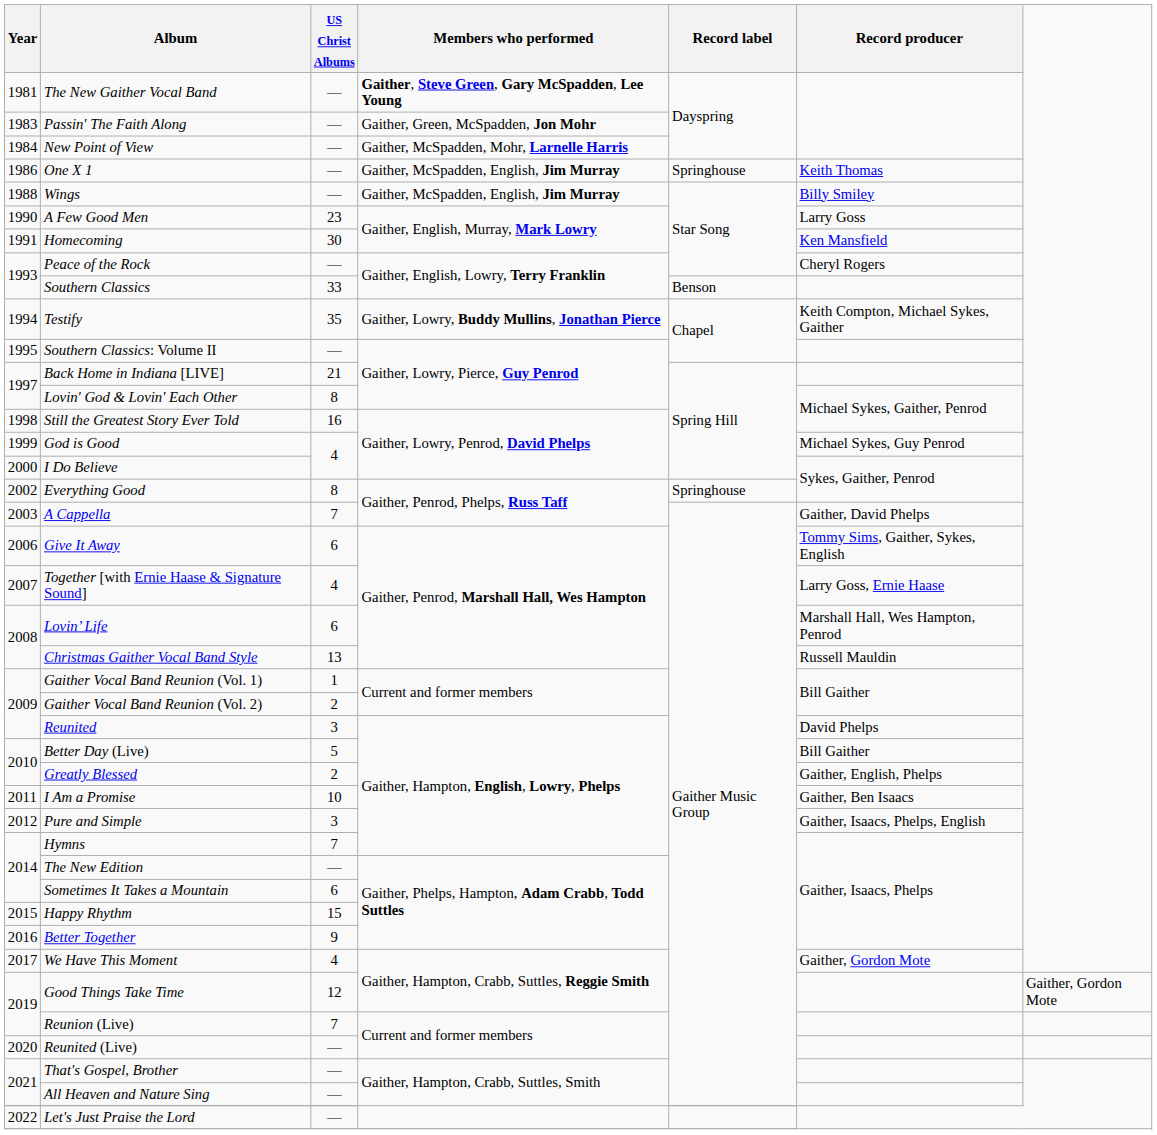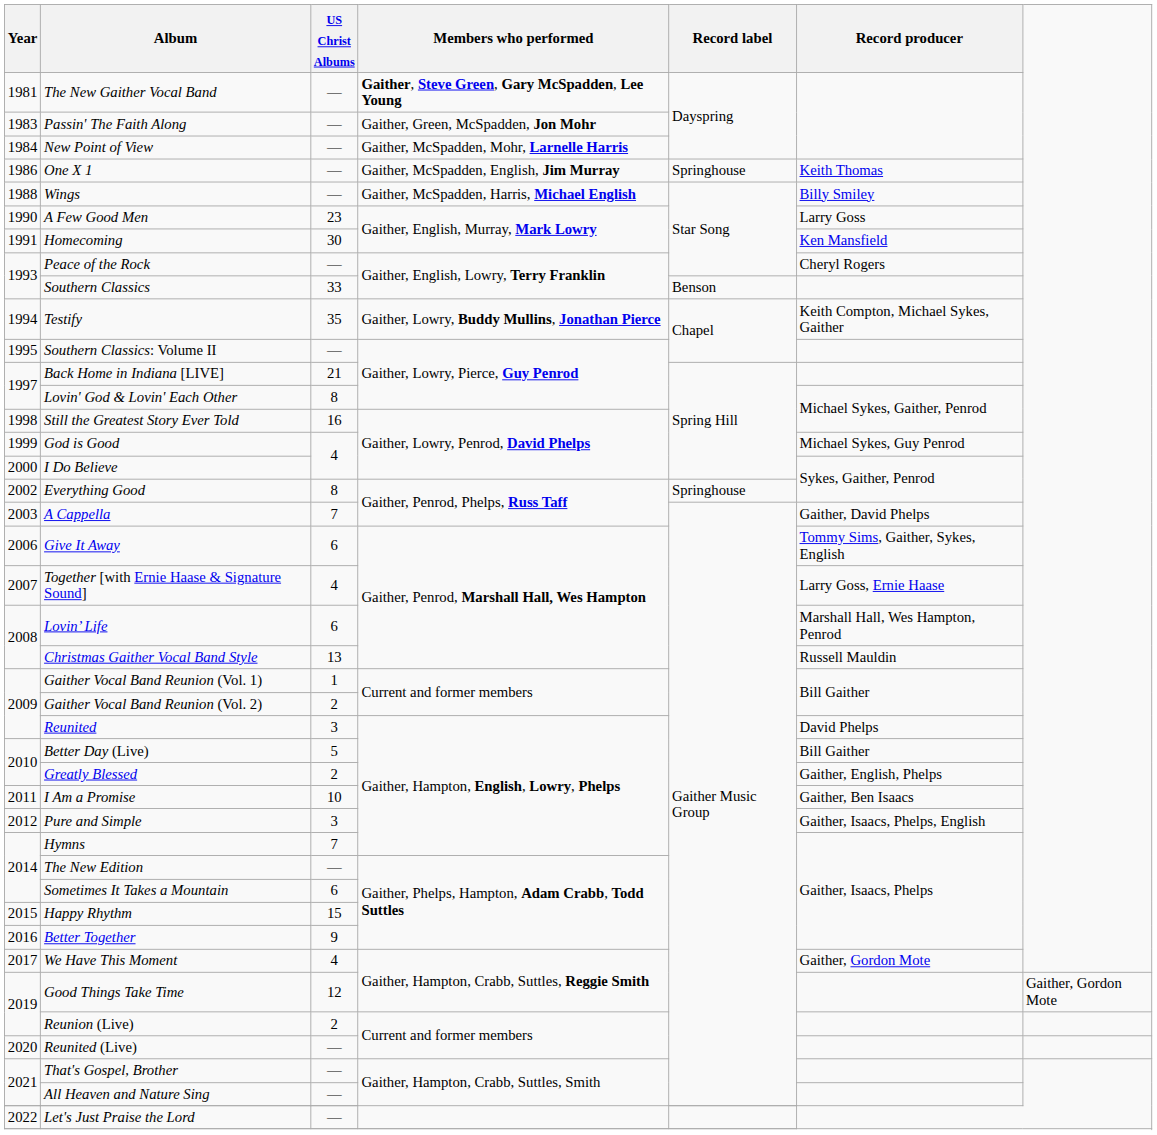 <table class="wikitable">
 <tr>
 <th>Year</th>
 <th>Album</th>
 <th><sub><a href='#'>US<br>Christ<br>Albums</a></sub></th>
 <th>Members who performed</th>
 <th>Record label</th>
 <th>Record producer</th>
 </tr>
 <tr>
 <td>1981</td>
 <td><em>The New Gaither Vocal Band</em></td>
 <td align="center">—</td>
 <td><strong>Gaither</strong>, <strong><a href='#'>Steve Green</a></strong>, <strong>Gary McSpadden</strong>, <strong>Lee Young</strong></td>
 <td rowspan="3">Dayspring</td>
 <td rowspan="3"></td>
 </tr>
 <tr>
 <td>1983</td>
 <td><em>Passin' The Faith Along</em></td>
 <td align="center">—</td>
 <td>Gaither, Green, McSpadden, <strong>Jon Mohr</strong></td>
 </tr>
 <tr>
 <td>1984</td>
 <td><em>New Point of View</em></td>
 <td align="center">—</td>
 <td>Gaither, McSpadden, Mohr, <strong><a href='#'>Larnelle Harris</a></strong></td>
 </tr>
 <tr>
 <td>1986</td>
 <td><em>One X 1</em></td>
 <td align="center">—</td>
 <td>Gaither, McSpadden, English, <strong>Jim Murray</strong></td>
 <td>Springhouse</td>
 <td><a href='#'>Keith Thomas</a></td>
 </tr>
 <tr>
 <td>1988</td>
 <td><em>Wings</em></td>
 <td align="center">—</td>
-<td>Gaither, McSpadden, English, <strong>Jim Murray</strong></td>
+<td>Gaither, McSpadden, Harris, <strong><a href='#'>Michael English</a></strong></td>
 <td rowspan="4">Star Song</td>
 <td><a href='#'>Billy Smiley</a></td>
 </tr>
 <tr>
 <td>1990</td>
 <td><em>A Few Good Men</em></td>
 <td style="text-align:center;">23</td>
 <td rowspan="2">Gaither, English, Murray, <strong><a href='#'>Mark Lowry</a></strong></td>
 <td>Larry Goss</td>
 </tr>
 <tr>
 <td>1991</td>
 <td><em>Homecoming</em></td>
 <td style="text-align:center;">30</td>
 <td><a href='#'>Ken Mansfield</a></td>
 </tr>
 <tr>
 <td rowspan="2">1993</td>
 <td><em>Peace of the Rock</em></td>
 <td style="text-align:center;">—</td>
 <td rowspan="2">Gaither, English, Lowry, <strong>Terry Franklin</strong></td>
 <td>Cheryl Rogers</td>
 </tr>
 <tr>
 <td><em>Southern Classics</em></td>
 <td style="text-align:center;">33</td>
 <td>Benson</td>
 <td></td>
 </tr>
 <tr>
 <td>1994</td>
 <td><em>Testify</em></td>
 <td style="text-align:center;">35</td>
 <td>Gaither, Lowry, <strong>Buddy Mullins</strong>, <strong><a href='#'>Jonathan Pierce</a></strong></td>
 <td rowspan="2">Chapel</td>
 <td>Keith Compton, Michael Sykes, Gaither</td>
 </tr>
 <tr>
 <td>1995</td>
 <td><em>Southern Classics</em>: Volume II</td>
 <td style="text-align:center;">—</td>
 <td rowspan="3">Gaither, Lowry, Pierce, <strong><a href='#'>Guy Penrod</a></strong></td>
 <td></td>
 </tr>
 <tr>
 <td rowspan="2">1997</td>
 <td><em>Back Home in Indiana</em> [LIVE]</td>
 <td style="text-align:center;">21</td>
 <td rowspan="5">Spring Hill</td>
 <td></td>
 </tr>
 <tr>
 <td><em>Lovin' God & Lovin' Each Other</em></td>
 <td style="text-align:center;">8</td>
 <td rowspan="2">Michael Sykes, Gaither, Penrod</td>
 </tr>
 <tr>
 <td>1998</td>
 <td><em>Still the Greatest Story Ever Told</em></td>
 <td style="text-align:center;">16</td>
 <td rowspan="3">Gaither, Lowry, Penrod, <strong><a href='#'>David Phelps</a></strong></td>
 </tr>
 <tr>
 <td>1999</td>
 <td><em>God is Good</em></td>
 <td rowspan="2" style="text-align:center;">4</td>
 <td>Michael Sykes, Guy Penrod</td>
 </tr>
 <tr>
 <td>2000</td>
 <td><em>I Do Believe</em></td>
 <td rowspan="2">Sykes, Gaither, Penrod</td>
 </tr>
 <tr>
 <td>2002</td>
 <td><em>Everything Good</em></td>
 <td style="text-align:center;">8</td>
 <td rowspan="2">Gaither, Penrod, Phelps, <strong><a href='#'>Russ Taff</a></strong></td>
 <td>Springhouse</td>
 </tr>
 <tr>
 <td>2003</td>
 <td><em><a href='#'>A Cappella</a></em></td>
 <td style="text-align:center;">7</td>
 <td rowspan="23">Gaither Music Group</td>
 <td>Gaither, David Phelps</td>
 </tr>
 <tr>
 <td>2006</td>
 <td><em><a href='#'>Give It Away</a></em></td>
 <td style="text-align:center;">6</td>
 <td rowspan="4">Gaither, Penrod, <strong>Marshall Hall, Wes Hampton</strong></td>
 <td><a href='#'>Tommy Sims</a>, Gaither, Sykes, English</td>
 </tr>
 <tr>
 <td>2007</td>
 <td><em>Together</em> [with <a href='#'>Ernie Haase & Signature Sound</a>]</td>
 <td style="text-align:center;">4</td>
 <td>Larry Goss, <a href='#'>Ernie Haase</a></td>
 </tr>
 <tr>
 <td rowspan="2">2008</td>
 <td><em><a href='#'>Lovin’ Life</a></em></td>
 <td style="text-align:center;">6</td>
 <td>Marshall Hall, Wes Hampton, Penrod</td>
 </tr>
 <tr>
 <td><em><a href='#'>Christmas Gaither Vocal Band Style</a></em></td>
 <td style="text-align:center;">13</td>
 <td>Russell Mauldin</td>
 </tr>
 <tr>
 <td rowspan="3">2009</td>
 <td><em>Gaither Vocal Band Reunion</em> (Vol. 1)</td>
 <td style="text-align:center;">1</td>
 <td rowspan="2">Current and former members</td>
 <td rowspan="2">Bill Gaither</td>
 </tr>
 <tr>
 <td><em>Gaither Vocal Band Reunion</em> (Vol. 2)</td>
 <td style="text-align:center;">2</td>
 </tr>
 <tr>
 <td><em><a href='#'>Reunited</a></em></td>
 <td style="text-align:center;">3</td>
 <td rowspan="6">Gaither, Hampton, <strong>English</strong>, <strong>Lowry</strong>, <strong>Phelps</strong></td>
 <td>David Phelps</td>
 </tr>
 <tr>
 <td rowspan="2">2010</td>
 <td><em>Better Day</em> (Live)</td>
 <td style="text-align:center;">5</td>
 <td>Bill Gaither</td>
 </tr>
 <tr>
 <td><em><a href='#'>Greatly Blessed</a></em></td>
 <td style="text-align:center;">2</td>
 <td>Gaither, English, Phelps</td>
 </tr>
 <tr>
 <td>2011</td>
 <td><em>I Am a Promise</em></td>
 <td style="text-align:center;">10</td>
 <td>Gaither, Ben Isaacs</td>
 </tr>
 <tr>
 <td>2012</td>
 <td><em>Pure and Simple</em></td>
 <td style="text-align:center;">3</td>
 <td>Gaither, Isaacs, Phelps, English</td>
 </tr>
 <tr>
 <td rowspan="3">2014</td>
 <td><em>Hymns</em></td>
 <td style="text-align:center;">7</td>
 <td rowspan="5">Gaither, Isaacs, Phelps</td>
 </tr>
 <tr>
 <td><em>The New Edition</em></td>
 <td style="text-align:center;">—</td>
 <td rowspan="4">Gaither, Phelps, Hampton, <strong>Adam Crabb</strong>, <strong>Todd Suttles</strong></td>
 </tr>
 <tr>
 <td><em>Sometimes It Takes a Mountain</em></td>
 <td style="text-align:center;">6</td>
 </tr>
 <tr>
 <td>2015</td>
 <td><em>Happy Rhythm</em></td>
 <td style="text-align:center;">15</td>
 </tr>
 <tr>
 <td>2016</td>
 <td><em><a href='#'>Better Together</a></em></td>
 <td style="text-align:center;">9</td>
 </tr>
 <tr>
 <td>2017</td>
 <td><em>We Have This Moment</em></td>
 <td style="text-align:center;">4</td>
 <td rowspan="2">Gaither, Hampton, Crabb, Suttles, <strong>Reggie Smith</strong></td>
 <td>Gaither, <a href='#'>Gordon Mote</a></td>
 </tr>
 <tr>
 <td rowspan="2">2019</td>
 <td><em>Good Things Take Time</em></td>
 <td align="center">12</td>
 <td></td>
 <td>Gaither, Gordon Mote</td>
 </tr>
 <tr>
 <td><em>Reunion</em> (Live)</td>
-<td align="center">7</td>
+<td style="text-align:center;">2</td>
 <td rowspan="2">Current and former members</td>
 <td></td>
 </tr>
 <tr>
 <td>2020</td>
 <td><em>Reunited</em> (Live)</td>
 <td align="center">—</td>
 <td></td>
 <td></td>
 </tr>
 <tr>
 <td rowspan="2">2021</td>
 <td><em>That's Gospel, Brother</em></td>
 <td align="center">—</td>
 <td rowspan="3">Gaither, Hampton, Crabb, Suttles, Smith</td>
 <td></td>
 </tr>
 <tr>
 <td><em>All Heaven and Nature Sing</em></td>
 <td align="center">—</td>
 <td></td>
 </tr>
 <tr>
 </tr>
 <tr>
 <td>2022</td>
 <td><em>Let's Just Praise the Lord</em></td>
 <td align="center">—</td>
 <td></td>
 <td></td>
 </tr>
 <tr>
 </tr>
 </table>
